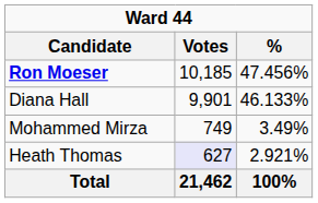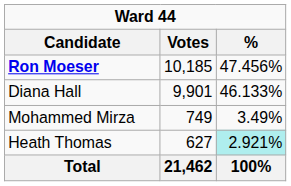 <table class="wikitable">
 <tr>
 <td Colspan="3" align="center"><strong>Ward 44</strong></td>
 </tr>
 <tr>
 <th bgcolor="#DDDDFF" width="150px">Candidate</th>
 <th bgcolor="#DDDDFF">Votes</th>
 <th bgcolor="#DDDDFF">%</th>
 </tr>
 <tr>
 <td><strong><a href='#'>Ron Moeser</a></strong></td>
 <td align=right>10,185</td>
 <td align=right>47.456%</td>
 </tr>
 <tr>
 <td>Diana Hall</td>
 <td align=right>9,901</td>
 <td align=right>46.133%</td>
 </tr>
 <tr>
 <td>Mohammed Mirza</td>
 <td align=right>749</td>
 <td align=right>3.49%</td>
 </tr>
 <tr>
 <td>Heath Thomas</td>
-<td align=right style="background: lavender;">627</td>
-<td align=right>2.921%</td>
+<td align=right>627</td>
+<td align=right style="background: paleturquoise;">2.921%</td>
 </tr>
 <tr>
 <th>Total</th>
 <th align=right>21,462</th>
 <th align=right>100%</th>
 </tr>
 </table>
